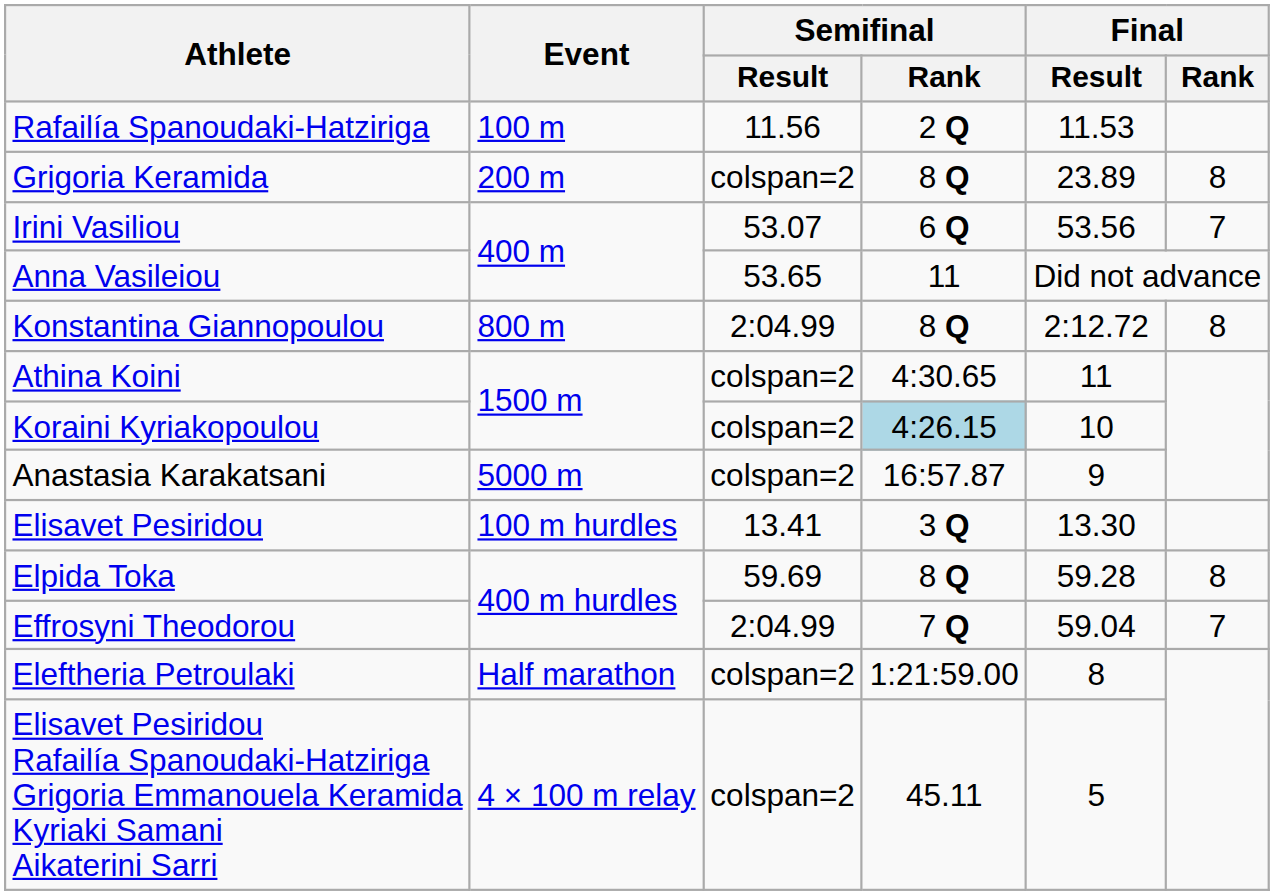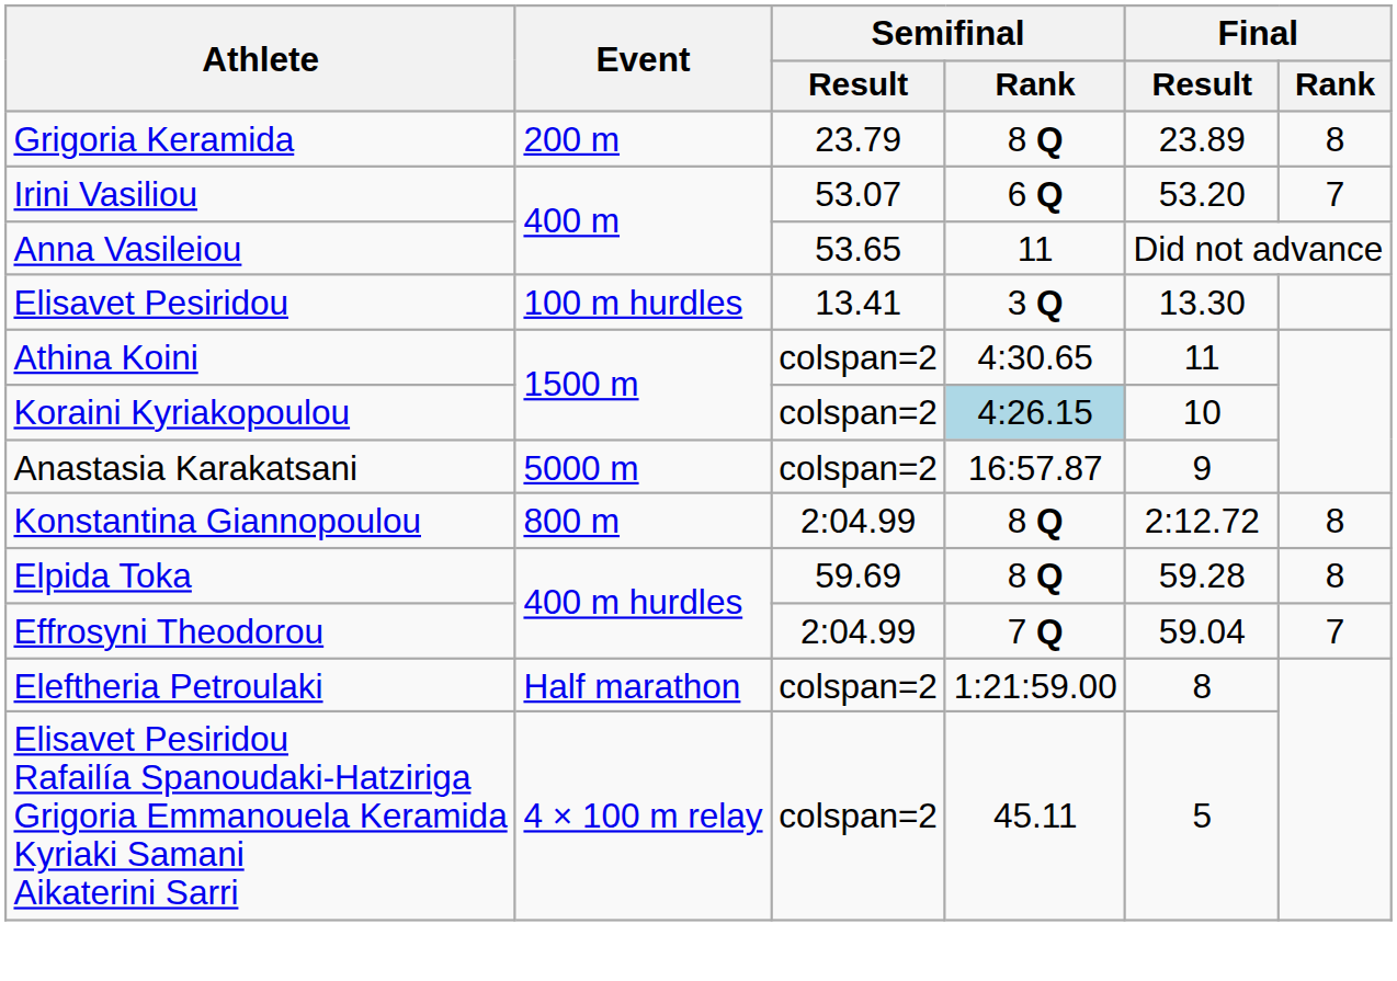 <table class="wikitable" style="font-size:90%">
 <tr>
 <th rowspan="2">Athlete</th>
 <th rowspan="2">Event</th>
 <th colspan="2">Semifinal</th>
 <th colspan="2">Final</th>
 </tr>
 <tr style="font-size:95%">
 <th>Result</th>
 <th>Rank</th>
 <th>Result</th>
 <th>Rank</th>
 </tr>
 <tr align=center>
-<td align=left><a href='#'>Rafailía Spanoudaki-Hatziriga</a></td>
-<td align=left><a href='#'>100 m</a></td>
-<td>11.56</td>
-<td>2 <strong>Q</strong></td>
-<td>11.53</td>
-<td></td>
-</tr>
-<tr align=center>
 <td align=left><a href='#'>Grigoria Keramida</a></td>
 <td align=left><a href='#'>200 m</a></td>
-<td>colspan=2 </td>
+<td>23.79</td>
 <td>8 <strong>Q</strong></td>
 <td>23.89</td>
 <td>8</td>
 </tr>
 <tr align=center>
 <td align=left><a href='#'>Irini Vasiliou</a></td>
 <td align=left rowspan=2><a href='#'>400 m</a></td>
 <td>53.07</td>
 <td>6 <strong>Q</strong></td>
-<td>53.56</td>
+<td>53.20</td>
 <td>7</td>
 </tr>
 <tr align=center>
 <td align=left><a href='#'>Anna Vasileiou</a></td>
 <td>53.65</td>
 <td>11</td>
 <td colspan=2>Did not advance</td>
 </tr>
 <tr align=center>
-<td align=left><a href='#'>Konstantina Giannopoulou</a></td>
-<td align=left><a href='#'>800 m</a></td>
-<td>2:04.99</td>
-<td>8 <strong>Q</strong></td>
-<td>2:12.72</td>
-<td>8</td>
+<td align=left><a href='#'>Elisavet Pesiridou</a></td>
+<td align=left><a href='#'>100 m hurdles</a></td>
+<td>13.41</td>
+<td>3 <strong>Q</strong></td>
+<td>13.30</td>
+<td></td>
 </tr>
 <tr align=center>
 <td align=left><a href='#'>Athina Koini</a></td>
 <td align=left rowspan=2><a href='#'>1500 m</a></td>
 <td>colspan=2 </td>
 <td>4:30.65</td>
 <td>11</td>
 </tr>
 <tr align=center>
 <td align=left><a href='#'>Koraini Kyriakopoulou</a></td>
 <td>colspan=2 </td>
 <td style="background: lightblue;">4:26.15</td>
 <td>10</td>
 </tr>
 <tr align=center>
 <td align=left>Anastasia Karakatsani</td>
 <td align=left><a href='#'>5000 m</a></td>
 <td>colspan=2 </td>
 <td>16:57.87</td>
 <td>9</td>
 </tr>
 <tr align=center>
-<td align=left><a href='#'>Elisavet Pesiridou</a></td>
-<td align=left><a href='#'>100 m hurdles</a></td>
-<td>13.41</td>
-<td>3 <strong>Q</strong></td>
-<td>13.30</td>
-<td></td>
+<td align=left><a href='#'>Konstantina Giannopoulou</a></td>
+<td align=left><a href='#'>800 m</a></td>
+<td>2:04.99</td>
+<td>8 <strong>Q</strong></td>
+<td>2:12.72</td>
+<td>8</td>
 </tr>
 <tr align=center>
 <td align=left><a href='#'>Elpida Toka</a></td>
 <td align=left rowspan=2><a href='#'>400 m hurdles</a></td>
 <td>59.69</td>
 <td>8 <strong>Q</strong></td>
 <td>59.28</td>
 <td>8</td>
 </tr>
 <tr align=center>
 <td align=left><a href='#'>Effrosyni Theodorou</a></td>
 <td>2:04.99</td>
 <td>7 <strong>Q</strong></td>
 <td>59.04</td>
 <td>7</td>
 </tr>
 <tr align=center>
 <td align=left><a href='#'>Eleftheria Petroulaki</a></td>
 <td align=left><a href='#'>Half marathon</a></td>
 <td>colspan=2 </td>
 <td>1:21:59.00</td>
 <td>8</td>
 </tr>
 <tr align=center>
 <td align=left><a href='#'>Elisavet Pesiridou</a><br><a href='#'>Rafailía Spanoudaki-Hatziriga</a><br><a href='#'>Grigoria Emmanouela Keramida</a><br><a href='#'>Kyriaki Samani</a><br><a href='#'>Aikaterini Sarri</a></td>
 <td align=left><a href='#'>4 × 100 m relay</a></td>
 <td>colspan=2 </td>
 <td>45.11</td>
 <td>5</td>
 </tr>
 </table>
